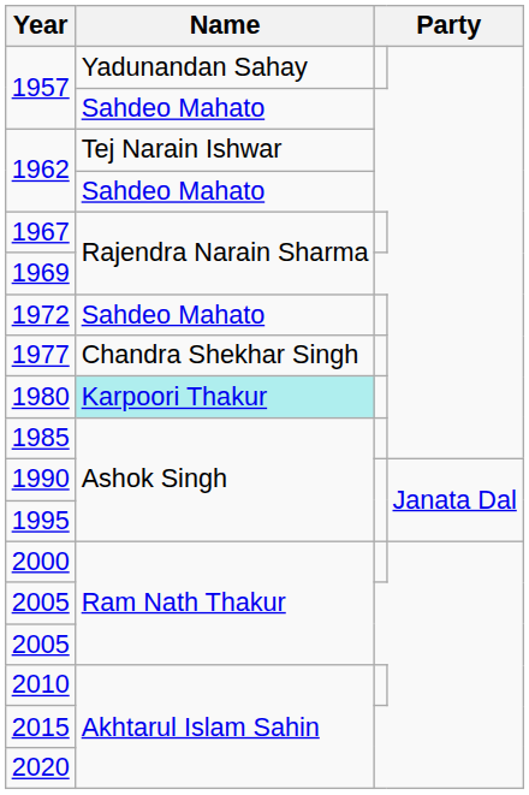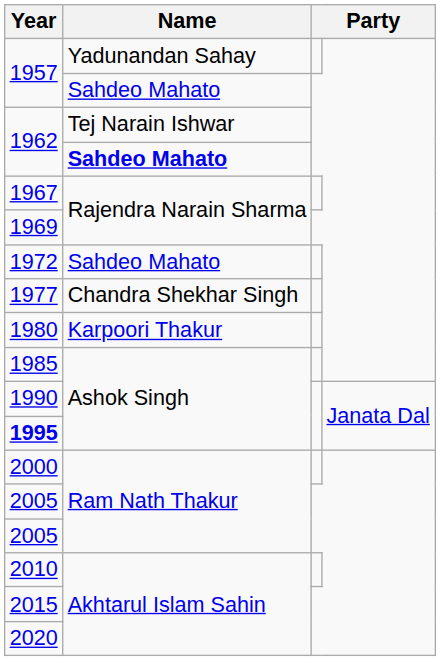 <table class="wikitable sortable">
 <tr>
 <th>Year</th>
 <th>Name</th>
 <th colspan="2">Party</th>
 </tr>
 <tr>
 <td rowspan="2"><a href='#'>1957</a></td>
 <td>Yadunandan Sahay</td>
 <td></td>
 </tr>
 <tr>
 <td><a href='#'>Sahdeo Mahato</a></td>
 </tr>
 <tr>
 <td rowspan="2"><a href='#'>1962</a></td>
 <td>Tej Narain Ishwar</td>
 </tr>
 <tr>
-<td><a href='#'>Sahdeo Mahato</a></td>
+<td><strong><a href='#'>Sahdeo Mahato</a></strong></td>
 </tr>
 <tr>
 <td><a href='#'>1967</a></td>
 <td rowspan="2">Rajendra Narain Sharma</td>
 <td></td>
 </tr>
 <tr>
 <td><a href='#'>1969</a></td>
 </tr>
 <tr>
 <td><a href='#'>1972</a></td>
 <td><a href='#'>Sahdeo Mahato</a></td>
 <td></td>
 </tr>
 <tr>
 <td><a href='#'>1977</a></td>
 <td>Chandra Shekhar Singh</td>
 <td></td>
 </tr>
 <tr>
 <td><a href='#'>1980</a></td>
-<td style="background: paleturquoise;"><a href='#'>Karpoori Thakur</a></td>
+<td><a href='#'>Karpoori Thakur</a></td>
 <td></td>
 </tr>
 <tr>
 <td><a href='#'>1985</a></td>
 <td rowspan="3">Ashok Singh</td>
 <td></td>
 </tr>
 <tr>
 <td><a href='#'>1990</a></td>
 <td rowspan="2" style="background-color :"></td>
 <td rowspan="2"><a href='#'>Janata Dal</a></td>
 </tr>
 <tr>
-<td><a href='#'>1995</a></td>
+<td><strong><a href='#'>1995</a></strong></td>
 </tr>
 <tr>
 <td><a href='#'>2000</a></td>
 <td rowspan="3"><a href='#'>Ram Nath Thakur</a></td>
 <td></td>
 </tr>
 <tr>
 <td><a href='#'>2005</a></td>
 </tr>
 <tr>
 <td><a href='#'>2005</a></td>
 </tr>
 <tr>
 <td><a href='#'>2010</a></td>
 <td rowspan="3"><a href='#'>Akhtarul Islam Sahin</a></td>
 <td></td>
 </tr>
 <tr>
 <td><a href='#'>2015</a></td>
 </tr>
 <tr>
 <td><a href='#'>2020</a></td>
 </tr>
 </table>
